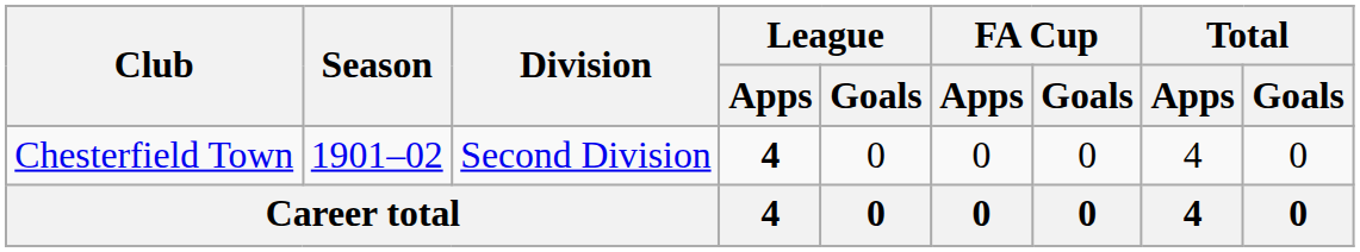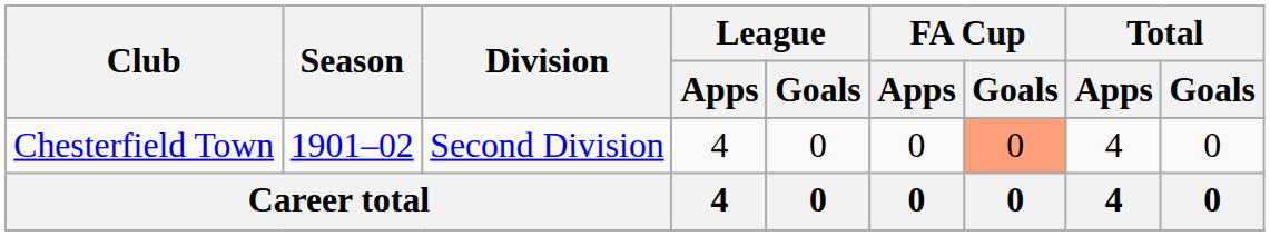 <table class="wikitable" style="text-align:center;">
 <tr>
 <th rowspan="2">Club</th>
 <th rowspan="2">Season</th>
 <th rowspan="2">Division</th>
 <th colspan="2">League</th>
 <th colspan="2">FA Cup</th>
 <th colspan="2">Total</th>
 </tr>
 <tr>
 <th>Apps</th>
 <th>Goals</th>
 <th>Apps</th>
 <th>Goals</th>
 <th>Apps</th>
 <th>Goals</th>
 </tr>
 <tr>
 <td><a href='#'>Chesterfield Town</a></td>
 <td><a href='#'>1901–02</a></td>
 <td><a href='#'>Second Division</a></td>
-<td><strong>4</strong></td>
+<td>4</td>
 <td>0</td>
 <td>0</td>
-<td>0</td>
+<td style="background: lightsalmon;">0</td>
 <td>4</td>
 <td>0</td>
 </tr>
 <tr>
 <th colspan="3">Career total</th>
 <th>4</th>
 <th>0</th>
 <th>0</th>
 <th>0</th>
 <th>4</th>
 <th>0</th>
 </tr>
 </table>
